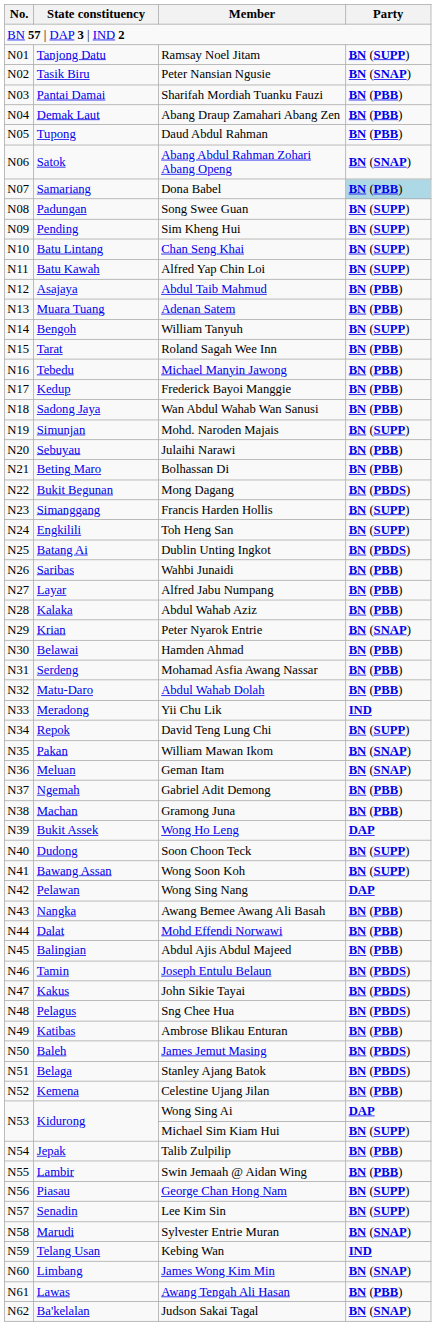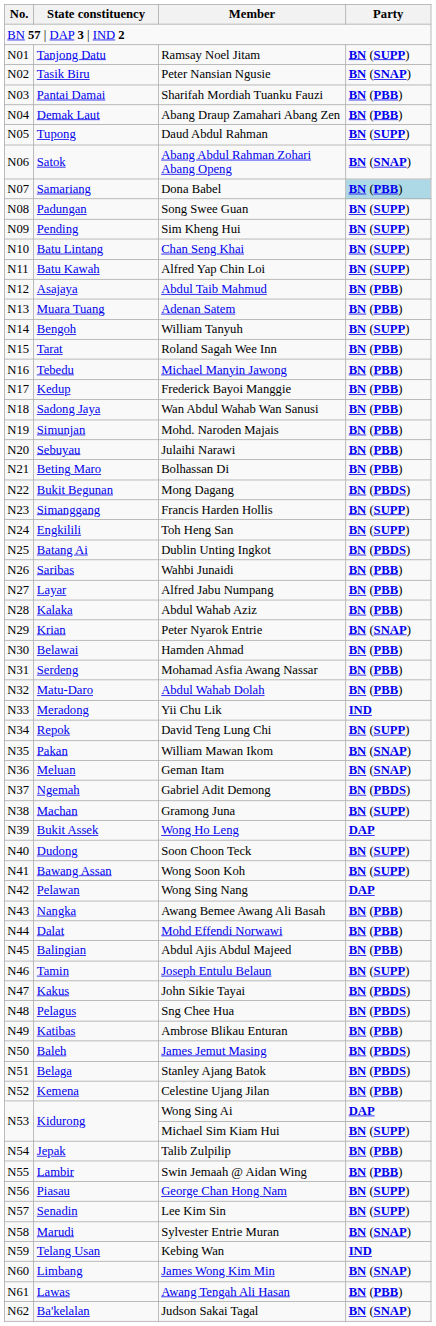 <table class="wikitable sortable">
 <tr>
 <th style="width:30px;">No.</th>
 <th style="width:150px;">State constituency</th>
 <th style="width:230px;">Member</th>
 <th style="width:100px;">Party</th>
 </tr>
 <tr>
 <td colspan="4"><a href='#'>BN</a> <strong>57</strong> | <a href='#'>DAP</a> <strong>3</strong> | <a href='#'>IND</a> <strong>2</strong></td>
 </tr>
 <tr>
 <td>N01</td>
 <td><a href='#'>Tanjong Datu</a></td>
 <td>Ramsay Noel Jitam</td>
 <td><strong><a href='#'>BN</a></strong> (<strong><a href='#'>SUPP</a></strong>)</td>
 </tr>
 <tr>
 <td>N02</td>
 <td><a href='#'>Tasik Biru</a></td>
 <td>Peter Nansian Ngusie</td>
 <td><strong><a href='#'>BN</a></strong> (<strong><a href='#'>SNAP</a></strong>)</td>
 </tr>
 <tr>
 <td>N03</td>
 <td><a href='#'>Pantai Damai</a></td>
 <td>Sharifah Mordiah Tuanku Fauzi</td>
 <td><strong><a href='#'>BN</a></strong> (<strong><a href='#'>PBB</a></strong>)</td>
 </tr>
 <tr>
 <td>N04</td>
 <td><a href='#'>Demak Laut</a></td>
 <td>Abang Draup Zamahari Abang Zen</td>
 <td><strong><a href='#'>BN</a></strong> (<strong><a href='#'>PBB</a></strong>)</td>
 </tr>
 <tr>
 <td>N05</td>
 <td><a href='#'>Tupong</a></td>
 <td>Daud Abdul Rahman</td>
-<td><strong><a href='#'>BN</a></strong> (<strong><a href='#'>PBB</a></strong>)</td>
+<td><strong><a href='#'>BN</a></strong> (<strong><a href='#'>SUPP</a></strong>)</td>
 </tr>
 <tr>
 <td>N06</td>
 <td><a href='#'>Satok</a></td>
 <td><a href='#'>Abang Abdul Rahman Zohari Abang Openg</a></td>
 <td><strong><a href='#'>BN</a></strong> (<strong><a href='#'>SNAP</a></strong>)</td>
 </tr>
 <tr>
 <td>N07</td>
 <td><a href='#'>Samariang</a></td>
 <td>Dona Babel</td>
 <td style="background: lightblue;"><strong><a href='#'>BN</a></strong> (<strong><a href='#'>PBB</a></strong>)</td>
 </tr>
 <tr>
 <td>N08</td>
 <td><a href='#'>Padungan</a></td>
 <td>Song Swee Guan</td>
 <td><strong><a href='#'>BN</a></strong> (<strong><a href='#'>SUPP</a></strong>)</td>
 </tr>
 <tr>
 <td>N09</td>
 <td><a href='#'>Pending</a></td>
 <td>Sim Kheng Hui</td>
 <td><strong><a href='#'>BN</a></strong> (<strong><a href='#'>SUPP</a></strong>)</td>
 </tr>
 <tr>
 <td>N10</td>
 <td><a href='#'>Batu Lintang</a></td>
 <td><a href='#'>Chan Seng Khai</a></td>
 <td><strong><a href='#'>BN</a></strong> (<strong><a href='#'>SUPP</a></strong>)</td>
 </tr>
 <tr>
 <td>N11</td>
 <td><a href='#'>Batu Kawah</a></td>
 <td>Alfred Yap Chin Loi</td>
 <td><strong><a href='#'>BN</a></strong> (<strong><a href='#'>SUPP</a></strong>)</td>
 </tr>
 <tr>
 <td>N12</td>
 <td><a href='#'>Asajaya</a></td>
 <td><a href='#'>Abdul Taib Mahmud</a></td>
 <td><strong><a href='#'>BN</a></strong> (<strong><a href='#'>PBB</a></strong>)</td>
 </tr>
 <tr>
 <td>N13</td>
 <td><a href='#'>Muara Tuang</a></td>
 <td><a href='#'>Adenan Satem</a></td>
 <td><strong><a href='#'>BN</a></strong> (<strong><a href='#'>PBB</a></strong>)</td>
 </tr>
 <tr>
 <td>N14</td>
 <td><a href='#'>Bengoh</a></td>
 <td>William Tanyuh</td>
 <td><strong><a href='#'>BN</a></strong> (<strong><a href='#'>SUPP</a></strong>)</td>
 </tr>
 <tr>
 <td>N15</td>
 <td><a href='#'>Tarat</a></td>
 <td>Roland Sagah Wee Inn</td>
 <td><strong><a href='#'>BN</a></strong> (<strong><a href='#'>PBB</a></strong>)</td>
 </tr>
 <tr>
 <td>N16</td>
 <td><a href='#'>Tebedu</a></td>
 <td><a href='#'>Michael Manyin Jawong</a></td>
 <td><strong><a href='#'>BN</a></strong> (<strong><a href='#'>PBB</a></strong>)</td>
 </tr>
 <tr>
 <td>N17</td>
 <td><a href='#'>Kedup</a></td>
 <td>Frederick Bayoi Manggie</td>
 <td><strong><a href='#'>BN</a></strong> (<strong><a href='#'>PBB</a></strong>)</td>
 </tr>
 <tr>
 <td>N18</td>
 <td><a href='#'>Sadong Jaya</a></td>
 <td>Wan Abdul Wahab Wan Sanusi</td>
 <td><strong><a href='#'>BN</a></strong> (<strong><a href='#'>PBB</a></strong>)</td>
 </tr>
 <tr>
 <td>N19</td>
 <td><a href='#'>Simunjan</a></td>
 <td>Mohd. Naroden Majais</td>
-<td><strong><a href='#'>BN</a></strong> (<strong><a href='#'>SUPP</a></strong>)</td>
+<td><strong><a href='#'>BN</a></strong> (<strong><a href='#'>PBB</a></strong>)</td>
 </tr>
 <tr>
 <td>N20</td>
 <td><a href='#'>Sebuyau</a></td>
 <td>Julaihi Narawi</td>
 <td><strong><a href='#'>BN</a></strong> (<strong><a href='#'>PBB</a></strong>)</td>
 </tr>
 <tr>
 <td>N21</td>
 <td><a href='#'>Beting Maro</a></td>
 <td>Bolhassan Di</td>
 <td><strong><a href='#'>BN</a></strong> (<strong><a href='#'>PBB</a></strong>)</td>
 </tr>
 <tr>
 <td>N22</td>
 <td><a href='#'>Bukit Begunan</a></td>
 <td>Mong Dagang<br></td>
 <td><strong><a href='#'>BN</a></strong> (<strong><a href='#'>PBDS</a></strong>)</td>
 </tr>
 <tr>
 <td>N23</td>
 <td><a href='#'>Simanggang</a></td>
 <td>Francis Harden Hollis</td>
 <td><strong><a href='#'>BN</a></strong> (<strong><a href='#'>SUPP</a></strong>)</td>
 </tr>
 <tr>
 <td>N24</td>
 <td><a href='#'>Engkilili</a></td>
 <td>Toh Heng San</td>
 <td><strong><a href='#'>BN</a></strong> (<strong><a href='#'>SUPP</a></strong>)</td>
 </tr>
 <tr>
 <td>N25</td>
 <td><a href='#'>Batang Ai</a></td>
 <td>Dublin Unting Ingkot</td>
 <td><strong><a href='#'>BN</a></strong> (<strong><a href='#'>PBDS</a></strong>)</td>
 </tr>
 <tr>
 <td>N26</td>
 <td><a href='#'>Saribas</a></td>
 <td>Wahbi Junaidi</td>
 <td><strong><a href='#'>BN</a></strong> (<strong><a href='#'>PBB</a></strong>)</td>
 </tr>
 <tr>
 <td>N27</td>
 <td><a href='#'>Layar</a></td>
 <td>Alfred Jabu Numpang</td>
 <td><strong><a href='#'>BN</a></strong> (<strong><a href='#'>PBB</a></strong>)</td>
 </tr>
 <tr>
 <td>N28</td>
 <td><a href='#'>Kalaka</a></td>
 <td>Abdul Wahab Aziz</td>
 <td><strong><a href='#'>BN</a></strong> (<strong><a href='#'>PBB</a></strong>)</td>
 </tr>
 <tr>
 <td>N29</td>
 <td><a href='#'>Krian</a></td>
 <td>Peter Nyarok Entrie</td>
 <td><strong><a href='#'>BN</a></strong> (<strong><a href='#'>SNAP</a></strong>)</td>
 </tr>
 <tr>
 <td>N30</td>
 <td><a href='#'>Belawai</a></td>
 <td>Hamden Ahmad</td>
 <td><strong><a href='#'>BN</a></strong> (<strong><a href='#'>PBB</a></strong>)</td>
 </tr>
 <tr>
 <td>N31</td>
 <td><a href='#'>Serdeng</a></td>
 <td>Mohamad Asfia Awang Nassar</td>
 <td><strong><a href='#'>BN</a></strong> (<strong><a href='#'>PBB</a></strong>)</td>
 </tr>
 <tr>
 <td>N32</td>
 <td><a href='#'>Matu-Daro</a></td>
 <td><a href='#'>Abdul Wahab Dolah</a></td>
 <td><strong><a href='#'>BN</a></strong> (<strong><a href='#'>PBB</a></strong>)</td>
 </tr>
 <tr>
 <td>N33</td>
 <td><a href='#'>Meradong</a></td>
 <td>Yii Chu Lik</td>
 <td><strong><a href='#'>IND</a></strong></td>
 </tr>
 <tr>
 <td>N34</td>
 <td><a href='#'>Repok</a></td>
 <td>David Teng Lung Chi</td>
 <td><strong><a href='#'>BN</a></strong> (<strong><a href='#'>SUPP</a></strong>)</td>
 </tr>
 <tr>
 <td>N35</td>
 <td><a href='#'>Pakan</a></td>
 <td>William Mawan Ikom</td>
 <td><strong><a href='#'>BN</a></strong> (<strong><a href='#'>SNAP</a></strong>)</td>
 </tr>
 <tr>
 <td>N36</td>
 <td><a href='#'>Meluan</a></td>
 <td>Geman Itam</td>
 <td><strong><a href='#'>BN</a></strong> (<strong><a href='#'>SNAP</a></strong>)</td>
 </tr>
 <tr>
 <td>N37</td>
 <td><a href='#'>Ngemah</a></td>
 <td>Gabriel Adit Demong</td>
-<td><strong><a href='#'>BN</a></strong> (<strong><a href='#'>PBB</a></strong>)</td>
+<td><strong><a href='#'>BN</a></strong> (<strong><a href='#'>PBDS</a></strong>)</td>
 </tr>
 <tr>
 <td>N38</td>
 <td><a href='#'>Machan</a></td>
 <td>Gramong Juna</td>
-<td><strong><a href='#'>BN</a></strong> (<strong><a href='#'>PBB</a></strong>)</td>
+<td><strong><a href='#'>BN</a></strong> (<strong><a href='#'>SUPP</a></strong>)</td>
 </tr>
 <tr>
 <td>N39</td>
 <td><a href='#'>Bukit Assek</a></td>
 <td><a href='#'>Wong Ho Leng</a></td>
 <td><strong><a href='#'>DAP</a></strong></td>
 </tr>
 <tr>
 <td>N40</td>
 <td><a href='#'>Dudong</a></td>
 <td>Soon Choon Teck</td>
 <td><strong><a href='#'>BN</a></strong> (<strong><a href='#'>SUPP</a></strong>)</td>
 </tr>
 <tr>
 <td>N41</td>
 <td><a href='#'>Bawang Assan</a></td>
 <td>Wong Soon Koh</td>
 <td><strong><a href='#'>BN</a></strong> (<strong><a href='#'>SUPP</a></strong>)</td>
 </tr>
 <tr>
 <td>N42</td>
 <td><a href='#'>Pelawan</a></td>
 <td>Wong Sing Nang</td>
 <td><strong><a href='#'>DAP</a></strong></td>
 </tr>
 <tr>
 <td>N43</td>
 <td><a href='#'>Nangka</a></td>
 <td>Awang Bemee Awang Ali Basah</td>
 <td><strong><a href='#'>BN</a></strong> (<strong><a href='#'>PBB</a></strong>)</td>
 </tr>
 <tr>
 <td>N44</td>
 <td><a href='#'>Dalat</a></td>
 <td><a href='#'>Mohd Effendi Norwawi</a></td>
 <td><strong><a href='#'>BN</a></strong> (<strong><a href='#'>PBB</a></strong>)</td>
 </tr>
 <tr>
 <td>N45</td>
 <td><a href='#'>Balingian</a></td>
 <td>Abdul Ajis Abdul Majeed</td>
 <td><strong><a href='#'>BN</a></strong> (<strong><a href='#'>PBB</a></strong>)</td>
 </tr>
 <tr>
 <td>N46</td>
 <td><a href='#'>Tamin</a></td>
 <td><a href='#'>Joseph Entulu Belaun</a></td>
-<td><strong><a href='#'>BN</a></strong> (<strong><a href='#'>PBDS</a></strong>)</td>
+<td><strong><a href='#'>BN</a></strong> (<strong><a href='#'>SUPP</a></strong>)</td>
 </tr>
 <tr>
 <td>N47</td>
 <td><a href='#'>Kakus</a></td>
 <td>John Sikie Tayai</td>
 <td><strong><a href='#'>BN</a></strong> (<strong><a href='#'>PBDS</a></strong>)</td>
 </tr>
 <tr>
 <td>N48</td>
 <td><a href='#'>Pelagus</a></td>
 <td>Sng Chee Hua</td>
 <td><strong><a href='#'>BN</a></strong> (<strong><a href='#'>PBDS</a></strong>)</td>
 </tr>
 <tr>
 <td>N49</td>
 <td><a href='#'>Katibas</a></td>
 <td>Ambrose Blikau Enturan</td>
 <td><strong><a href='#'>BN</a></strong> (<strong><a href='#'>PBB</a></strong>)</td>
 </tr>
 <tr>
 <td>N50</td>
 <td><a href='#'>Baleh</a></td>
 <td><a href='#'>James Jemut Masing</a></td>
 <td><strong><a href='#'>BN</a></strong> (<strong><a href='#'>PBDS</a></strong>)</td>
 </tr>
 <tr>
 <td>N51</td>
 <td><a href='#'>Belaga</a></td>
 <td>Stanley Ajang Batok</td>
 <td><strong><a href='#'>BN</a></strong> (<strong><a href='#'>PBDS</a></strong>)</td>
 </tr>
 <tr>
 <td>N52</td>
 <td><a href='#'>Kemena</a></td>
 <td>Celestine Ujang Jilan<br></td>
 <td><strong><a href='#'>BN</a></strong> (<strong><a href='#'>PBB</a></strong>)</td>
 </tr>
 <tr>
 <td rowspan=2>N53</td>
 <td rowspan=2><a href='#'>Kidurong</a></td>
 <td>Wong Sing Ai<br></td>
 <td><strong><a href='#'>DAP</a></strong></td>
 </tr>
 <tr>
 <td>Michael Sim Kiam Hui<br></td>
 <td><strong><a href='#'>BN</a></strong> (<strong><a href='#'>SUPP</a></strong>)</td>
 </tr>
 <tr>
 <td>N54</td>
 <td><a href='#'>Jepak</a></td>
 <td>Talib Zulpilip</td>
 <td><strong><a href='#'>BN</a></strong> (<strong><a href='#'>PBB</a></strong>)</td>
 </tr>
 <tr>
 <td>N55</td>
 <td><a href='#'>Lambir</a></td>
 <td>Swin Jemaah @ Aidan Wing</td>
 <td><strong><a href='#'>BN</a></strong> (<strong><a href='#'>PBB</a></strong>)</td>
 </tr>
 <tr>
 <td>N56</td>
 <td><a href='#'>Piasau</a></td>
 <td><a href='#'>George Chan Hong Nam</a></td>
 <td><strong><a href='#'>BN</a></strong> (<strong><a href='#'>SUPP</a></strong>)</td>
 </tr>
 <tr>
 <td>N57</td>
 <td><a href='#'>Senadin</a></td>
 <td>Lee Kim Sin</td>
 <td><strong><a href='#'>BN</a></strong> (<strong><a href='#'>SUPP</a></strong>)</td>
 </tr>
 <tr>
 <td>N58</td>
 <td><a href='#'>Marudi</a></td>
 <td>Sylvester Entrie Muran</td>
 <td><strong><a href='#'>BN</a></strong> (<strong><a href='#'>SNAP</a></strong>)</td>
 </tr>
 <tr>
 <td>N59</td>
 <td><a href='#'>Telang Usan</a></td>
 <td>Kebing Wan</td>
 <td><strong><a href='#'>IND</a></strong></td>
 </tr>
 <tr>
 <td>N60</td>
 <td><a href='#'>Limbang</a></td>
 <td><a href='#'>James Wong Kim Min</a></td>
 <td><strong><a href='#'>BN</a></strong> (<strong><a href='#'>SNAP</a></strong>)</td>
 </tr>
 <tr>
 <td>N61</td>
 <td><a href='#'>Lawas</a></td>
 <td><a href='#'>Awang Tengah Ali Hasan</a></td>
 <td><strong><a href='#'>BN</a></strong> (<strong><a href='#'>PBB</a></strong>)</td>
 </tr>
 <tr>
 <td>N62</td>
 <td><a href='#'>Ba'kelalan</a></td>
 <td>Judson Sakai Tagal</td>
 <td><strong><a href='#'>BN</a></strong> (<strong><a href='#'>SNAP</a></strong>)</td>
 </tr>
 </table>
